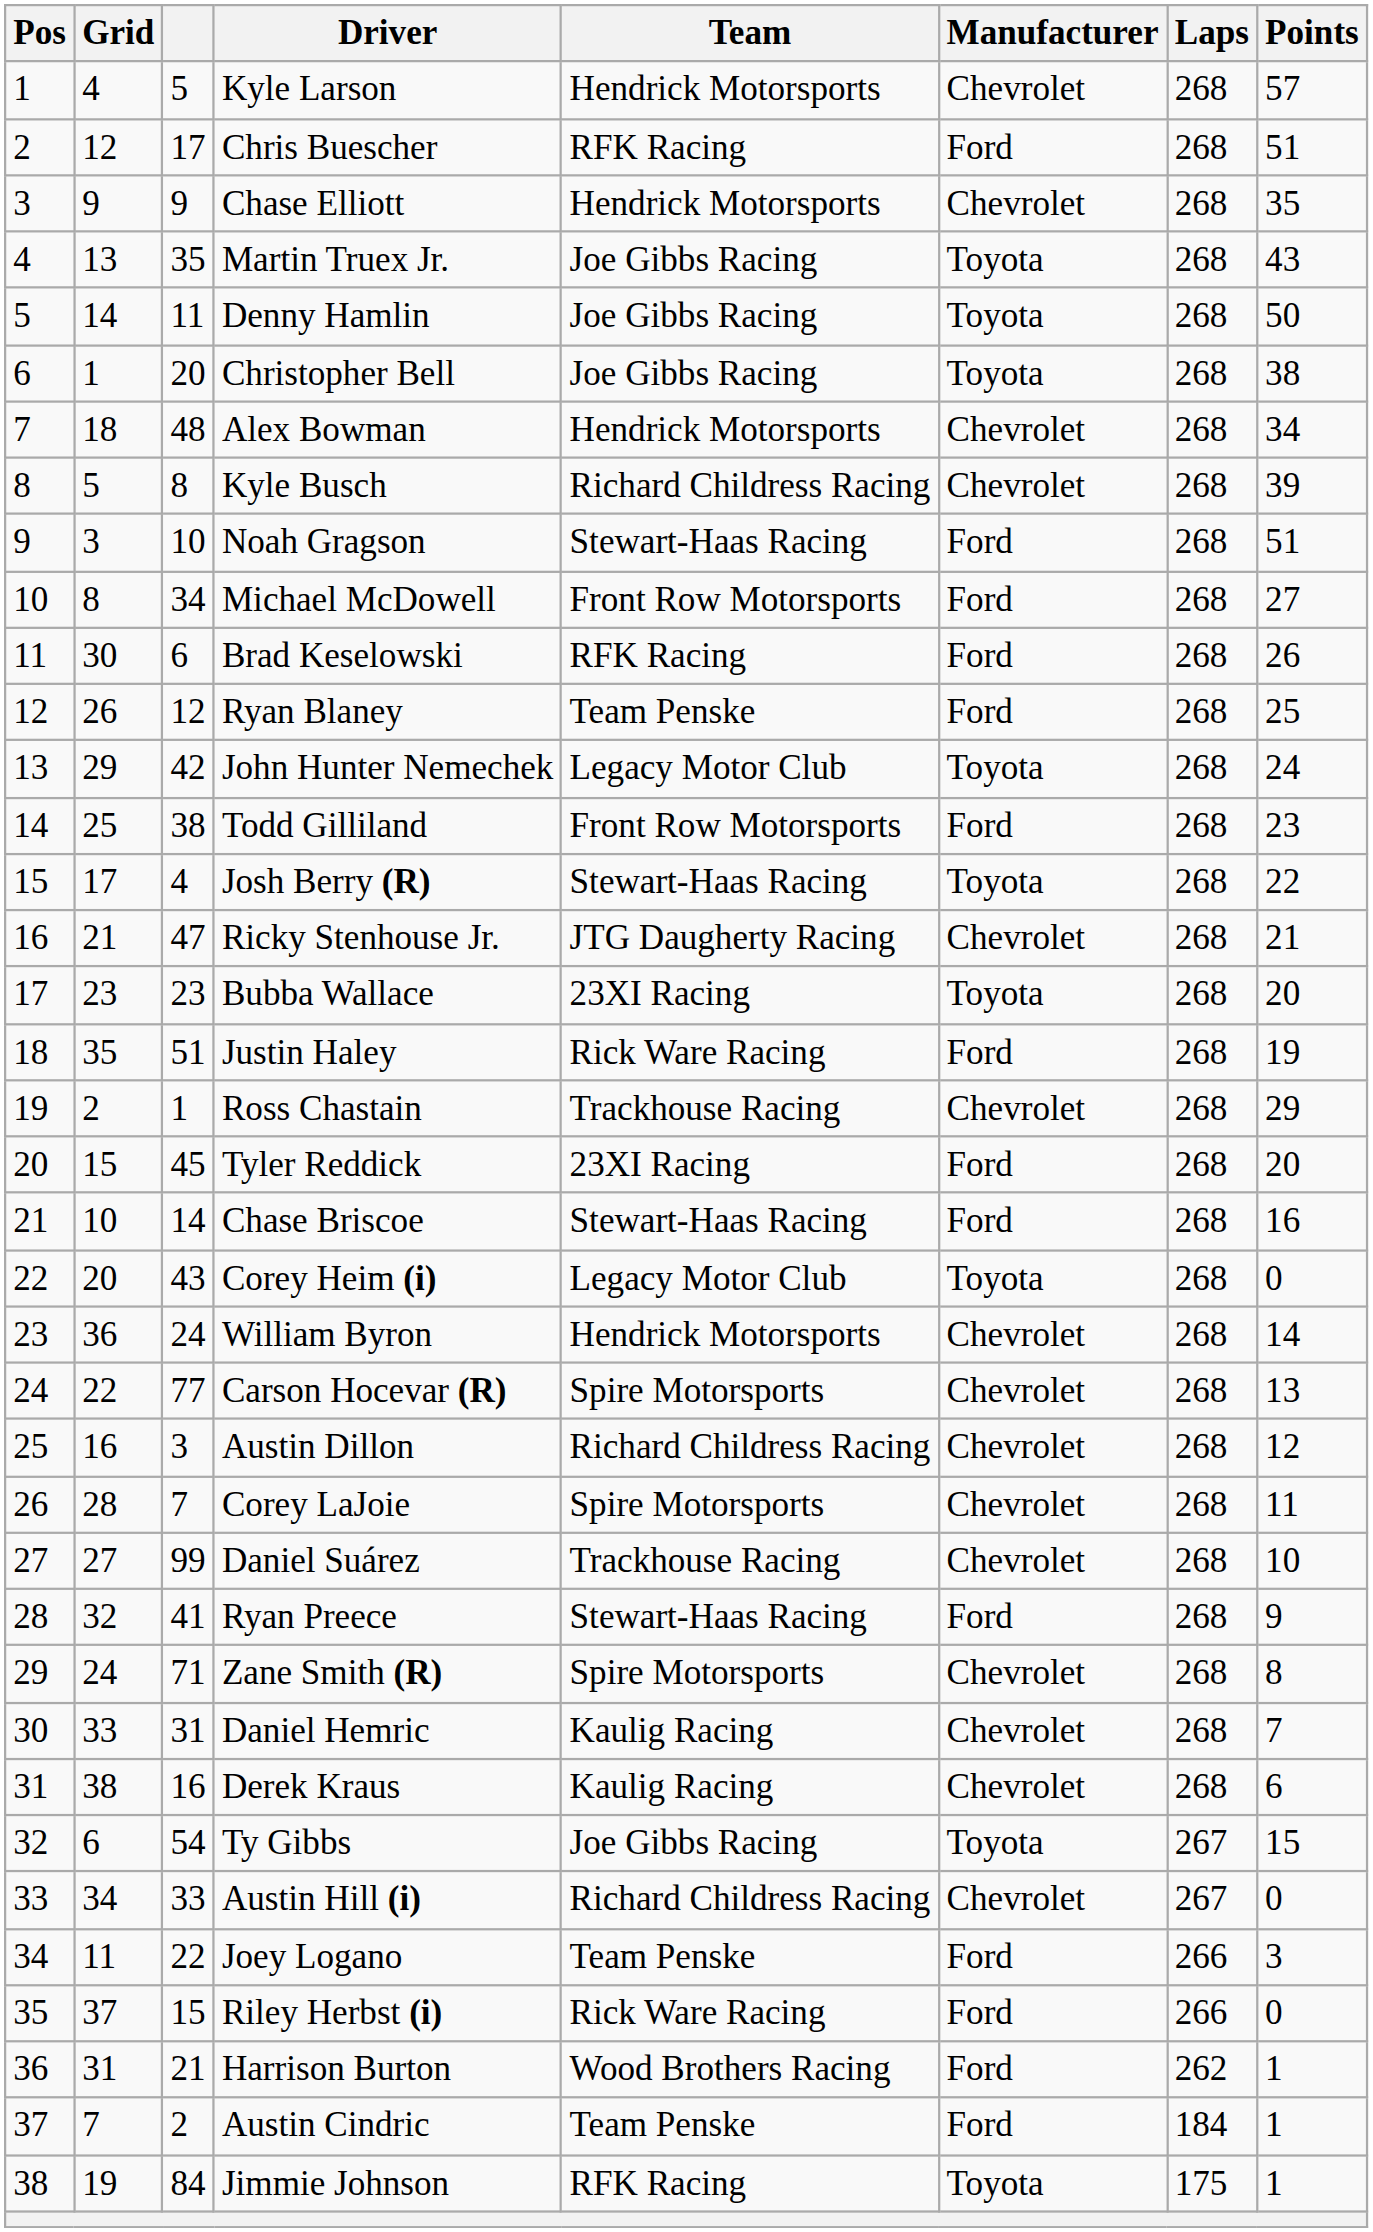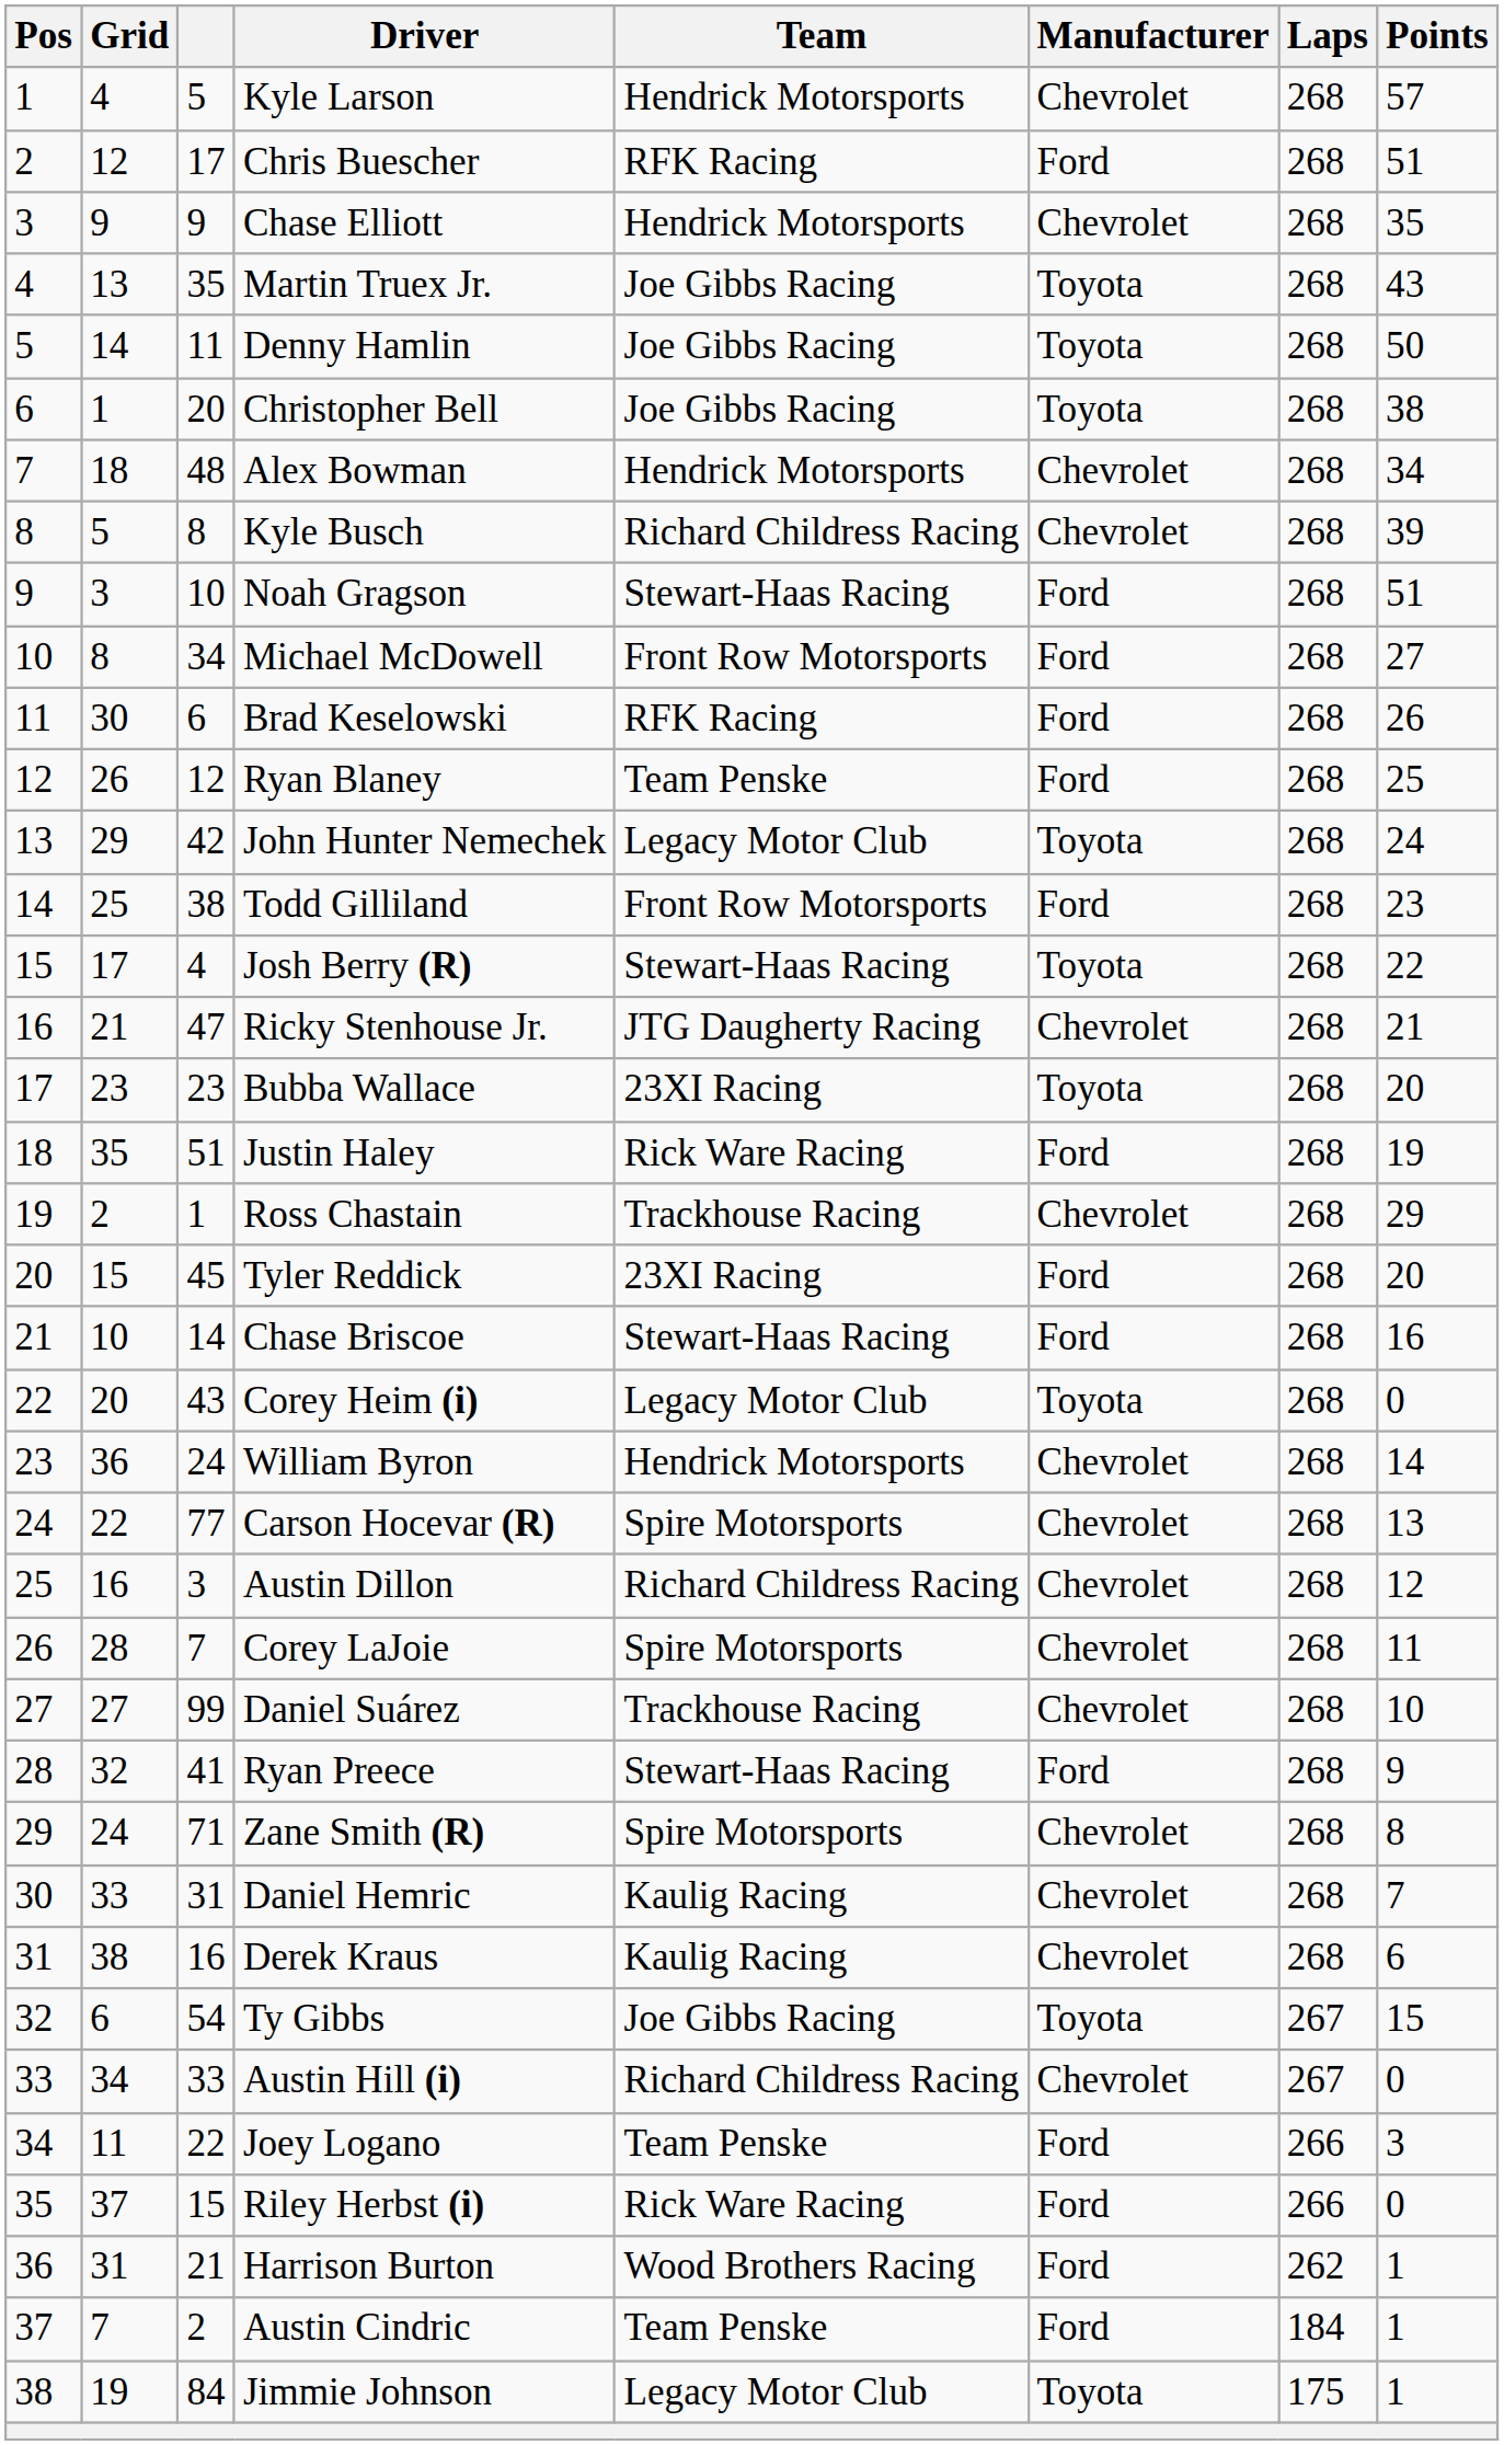 <table class="wikitable" style="font-size:98%">
 <tr>
 <th>Pos</th>
 <th>Grid</th>
 <th></th>
 <th>Driver</th>
 <th>Team</th>
 <th>Manufacturer</th>
 <th>Laps</th>
 <th>Points</th>
 </tr>
 <tr>
 <td>1</td>
 <td>4</td>
 <td>5</td>
 <td>Kyle Larson</td>
 <td>Hendrick Motorsports</td>
 <td>Chevrolet</td>
 <td>268</td>
 <td>57</td>
 </tr>
 <tr>
 <td>2</td>
 <td>12</td>
 <td>17</td>
 <td>Chris Buescher</td>
 <td>RFK Racing</td>
 <td>Ford</td>
 <td>268</td>
 <td>51</td>
 </tr>
 <tr>
 <td>3</td>
 <td>9</td>
 <td>9</td>
 <td>Chase Elliott</td>
 <td>Hendrick Motorsports</td>
 <td>Chevrolet</td>
 <td>268</td>
 <td>35</td>
 </tr>
 <tr>
 <td>4</td>
 <td>13</td>
 <td>35</td>
 <td>Martin Truex Jr.</td>
 <td>Joe Gibbs Racing</td>
 <td>Toyota</td>
 <td>268</td>
 <td>43</td>
 </tr>
 <tr>
 <td>5</td>
 <td>14</td>
 <td>11</td>
 <td>Denny Hamlin</td>
 <td>Joe Gibbs Racing</td>
 <td>Toyota</td>
 <td>268</td>
 <td>50</td>
 </tr>
 <tr>
 <td>6</td>
 <td>1</td>
 <td>20</td>
 <td>Christopher Bell</td>
 <td>Joe Gibbs Racing</td>
 <td>Toyota</td>
 <td>268</td>
 <td>38</td>
 </tr>
 <tr>
 <td>7</td>
 <td>18</td>
 <td>48</td>
 <td>Alex Bowman</td>
 <td>Hendrick Motorsports</td>
 <td>Chevrolet</td>
 <td>268</td>
 <td>34</td>
 </tr>
 <tr>
 <td>8</td>
 <td>5</td>
 <td>8</td>
 <td>Kyle Busch</td>
 <td>Richard Childress Racing</td>
 <td>Chevrolet</td>
 <td>268</td>
 <td>39</td>
 </tr>
 <tr>
 <td>9</td>
 <td>3</td>
 <td>10</td>
 <td>Noah Gragson</td>
 <td>Stewart-Haas Racing</td>
 <td>Ford</td>
 <td>268</td>
 <td>51</td>
 </tr>
 <tr>
 <td>10</td>
 <td>8</td>
 <td>34</td>
 <td>Michael McDowell</td>
 <td>Front Row Motorsports</td>
 <td>Ford</td>
 <td>268</td>
 <td>27</td>
 </tr>
 <tr>
 <td>11</td>
 <td>30</td>
 <td>6</td>
 <td>Brad Keselowski</td>
 <td>RFK Racing</td>
 <td>Ford</td>
 <td>268</td>
 <td>26</td>
 </tr>
 <tr>
 <td>12</td>
 <td>26</td>
 <td>12</td>
 <td>Ryan Blaney</td>
 <td>Team Penske</td>
 <td>Ford</td>
 <td>268</td>
 <td>25</td>
 </tr>
 <tr>
 <td>13</td>
 <td>29</td>
 <td>42</td>
 <td>John Hunter Nemechek</td>
 <td>Legacy Motor Club</td>
 <td>Toyota</td>
 <td>268</td>
 <td>24</td>
 </tr>
 <tr>
 <td>14</td>
 <td>25</td>
 <td>38</td>
 <td>Todd Gilliland</td>
 <td>Front Row Motorsports</td>
 <td>Ford</td>
 <td>268</td>
 <td>23</td>
 </tr>
 <tr>
 <td>15</td>
 <td>17</td>
 <td>4</td>
 <td>Josh Berry <strong>(R)</strong></td>
 <td>Stewart-Haas Racing</td>
 <td>Toyota</td>
 <td>268</td>
 <td>22</td>
 </tr>
 <tr>
 <td>16</td>
 <td>21</td>
 <td>47</td>
 <td>Ricky Stenhouse Jr.</td>
 <td>JTG Daugherty Racing</td>
 <td>Chevrolet</td>
 <td>268</td>
 <td>21</td>
 </tr>
 <tr>
 <td>17</td>
 <td>23</td>
 <td>23</td>
 <td>Bubba Wallace</td>
 <td>23XI Racing</td>
 <td>Toyota</td>
 <td>268</td>
 <td>20</td>
 </tr>
 <tr>
 <td>18</td>
 <td>35</td>
 <td>51</td>
 <td>Justin Haley</td>
 <td>Rick Ware Racing</td>
 <td>Ford</td>
 <td>268</td>
 <td>19</td>
 </tr>
 <tr>
 <td>19</td>
 <td>2</td>
 <td>1</td>
 <td>Ross Chastain</td>
 <td>Trackhouse Racing</td>
 <td>Chevrolet</td>
 <td>268</td>
 <td>29</td>
 </tr>
 <tr>
 <td>20</td>
 <td>15</td>
 <td>45</td>
 <td>Tyler Reddick</td>
 <td>23XI Racing</td>
 <td>Ford</td>
 <td>268</td>
 <td>20</td>
 </tr>
 <tr>
 <td>21</td>
 <td>10</td>
 <td>14</td>
 <td>Chase Briscoe</td>
 <td>Stewart-Haas Racing</td>
 <td>Ford</td>
 <td>268</td>
 <td>16</td>
 </tr>
 <tr>
 <td>22</td>
 <td>20</td>
 <td>43</td>
 <td>Corey Heim <strong>(i)</strong></td>
 <td>Legacy Motor Club</td>
 <td>Toyota</td>
 <td>268</td>
 <td>0</td>
 </tr>
 <tr>
 <td>23</td>
 <td>36</td>
 <td>24</td>
 <td>William Byron</td>
 <td>Hendrick Motorsports</td>
 <td>Chevrolet</td>
 <td>268</td>
 <td>14</td>
 </tr>
 <tr>
 <td>24</td>
 <td>22</td>
 <td>77</td>
 <td>Carson Hocevar <strong>(R)</strong></td>
 <td>Spire Motorsports</td>
 <td>Chevrolet</td>
 <td>268</td>
 <td>13</td>
 </tr>
 <tr>
 <td>25</td>
 <td>16</td>
 <td>3</td>
 <td>Austin Dillon</td>
 <td>Richard Childress Racing</td>
 <td>Chevrolet</td>
 <td>268</td>
 <td>12</td>
 </tr>
 <tr>
 <td>26</td>
 <td>28</td>
 <td>7</td>
 <td>Corey LaJoie</td>
 <td>Spire Motorsports</td>
 <td>Chevrolet</td>
 <td>268</td>
 <td>11</td>
 </tr>
 <tr>
 <td>27</td>
 <td>27</td>
 <td>99</td>
 <td>Daniel Suárez</td>
 <td>Trackhouse Racing</td>
 <td>Chevrolet</td>
 <td>268</td>
 <td>10</td>
 </tr>
 <tr>
 <td>28</td>
 <td>32</td>
 <td>41</td>
 <td>Ryan Preece</td>
 <td>Stewart-Haas Racing</td>
 <td>Ford</td>
 <td>268</td>
 <td>9</td>
 </tr>
 <tr>
 <td>29</td>
 <td>24</td>
 <td>71</td>
 <td>Zane Smith <strong>(R)</strong></td>
 <td>Spire Motorsports</td>
 <td>Chevrolet</td>
 <td>268</td>
 <td>8</td>
 </tr>
 <tr>
 <td>30</td>
 <td>33</td>
 <td>31</td>
 <td>Daniel Hemric</td>
 <td>Kaulig Racing</td>
 <td>Chevrolet</td>
 <td>268</td>
 <td>7</td>
 </tr>
 <tr>
 <td>31</td>
 <td>38</td>
 <td>16</td>
 <td>Derek Kraus</td>
 <td>Kaulig Racing</td>
 <td>Chevrolet</td>
 <td>268</td>
 <td>6</td>
 </tr>
 <tr>
 <td>32</td>
 <td>6</td>
 <td>54</td>
 <td>Ty Gibbs</td>
 <td>Joe Gibbs Racing</td>
 <td>Toyota</td>
 <td>267</td>
 <td>15</td>
 </tr>
 <tr>
 <td>33</td>
 <td>34</td>
 <td>33</td>
 <td>Austin Hill <strong>(i)</strong></td>
 <td>Richard Childress Racing</td>
 <td>Chevrolet</td>
 <td>267</td>
 <td>0</td>
 </tr>
 <tr>
 <td>34</td>
 <td>11</td>
 <td>22</td>
 <td>Joey Logano</td>
 <td>Team Penske</td>
 <td>Ford</td>
 <td>266</td>
 <td>3</td>
 </tr>
 <tr>
 <td>35</td>
 <td>37</td>
 <td>15</td>
 <td>Riley Herbst <strong>(i)</strong></td>
 <td>Rick Ware Racing</td>
 <td>Ford</td>
 <td>266</td>
 <td>0</td>
 </tr>
 <tr>
 <td>36</td>
 <td>31</td>
 <td>21</td>
 <td>Harrison Burton</td>
 <td>Wood Brothers Racing</td>
 <td>Ford</td>
 <td>262</td>
 <td>1</td>
 </tr>
 <tr>
 <td>37</td>
 <td>7</td>
 <td>2</td>
 <td>Austin Cindric</td>
 <td>Team Penske</td>
 <td>Ford</td>
 <td>184</td>
 <td>1</td>
 </tr>
 <tr>
 <td>38</td>
 <td>19</td>
 <td>84</td>
 <td>Jimmie Johnson</td>
-<td>RFK Racing</td>
+<td>Legacy Motor Club</td>
 <td>Toyota</td>
 <td>175</td>
 <td>1</td>
 </tr>
 <tr>
 <th colspan="8"></th>
 </tr>
 </table>
